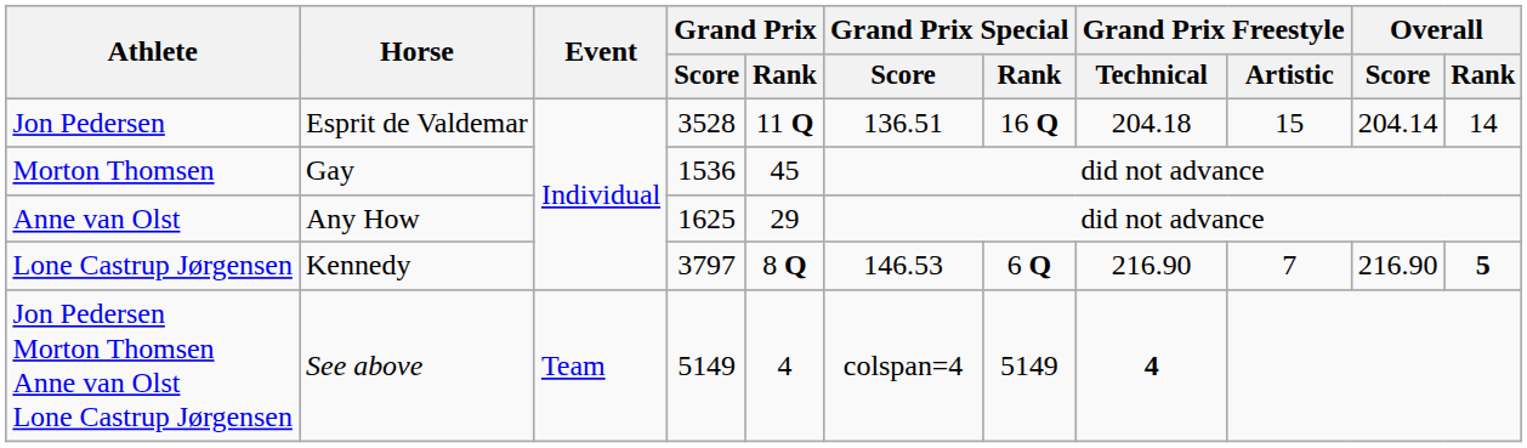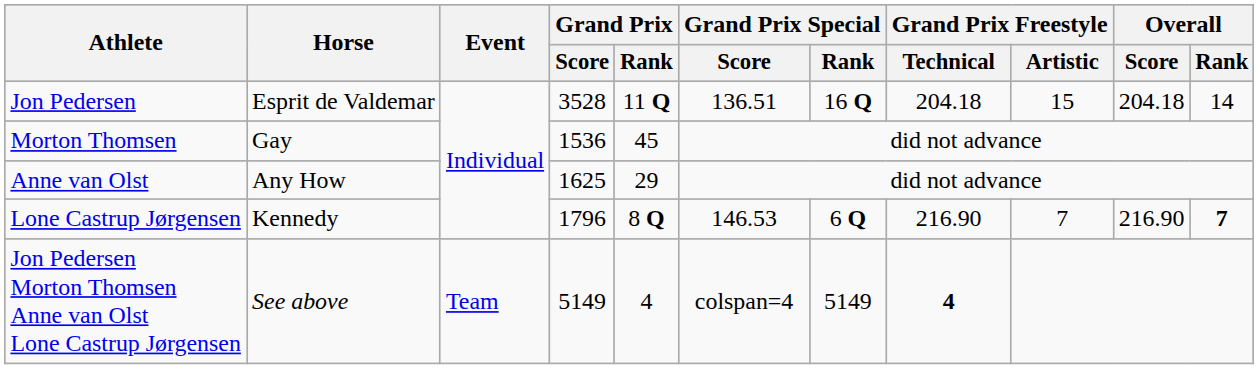 <table class=wikitable style="font-size:90%">
 <tr>
 <th rowspan="2">Athlete</th>
 <th rowspan="2">Horse</th>
 <th rowspan="2">Event</th>
 <th colspan="2">Grand Prix</th>
 <th colspan="2">Grand Prix Special</th>
 <th colspan="2">Grand Prix Freestyle</th>
 <th colspan="2">Overall</th>
 </tr>
 <tr style="font-size:95%">
 <th>Score</th>
 <th>Rank</th>
 <th>Score</th>
 <th>Rank</th>
 <th>Technical</th>
 <th>Artistic</th>
 <th>Score</th>
 <th>Rank</th>
 </tr>
 <tr align=center>
 <td align=left><a href='#'>Jon Pedersen</a></td>
 <td align=left>Esprit de Valdemar</td>
 <td align=left rowspan=4><a href='#'>Individual</a></td>
 <td>3528</td>
 <td>11 <strong>Q</strong></td>
 <td>136.51</td>
 <td>16 <strong>Q</strong></td>
 <td>204.18</td>
 <td>15</td>
-<td>204.14</td>
+<td>204.18</td>
 <td>14</td>
 </tr>
 <tr align=center>
 <td align=left><a href='#'>Morton Thomsen</a></td>
 <td align=left>Gay</td>
 <td>1536</td>
 <td>45</td>
 <td colspan=6>did not advance</td>
 </tr>
 <tr align=center>
 <td align=left><a href='#'>Anne van Olst</a></td>
 <td align=left>Any How</td>
 <td>1625</td>
 <td>29</td>
 <td colspan=6>did not advance</td>
 </tr>
 <tr align=center>
 <td align=left><a href='#'>Lone Castrup Jørgensen</a></td>
 <td align=left>Kennedy</td>
-<td>3797</td>
+<td>1796</td>
 <td>8 <strong>Q</strong></td>
 <td>146.53</td>
 <td>6 <strong>Q</strong></td>
 <td>216.90</td>
 <td>7</td>
 <td>216.90</td>
-<td><strong>5</strong></td>
+<td><strong>7</strong></td>
 </tr>
 <tr align=center>
 <td align=left><a href='#'>Jon Pedersen</a><br><a href='#'>Morton Thomsen</a><br><a href='#'>Anne van Olst</a><br><a href='#'>Lone Castrup Jørgensen</a></td>
 <td align=left><em>See above</em></td>
 <td align=left><a href='#'>Team</a></td>
 <td>5149</td>
 <td>4</td>
 <td>colspan=4 </td>
 <td>5149</td>
 <td><strong>4</strong></td>
 </tr>
 </table>
